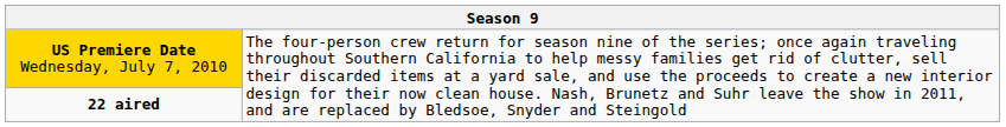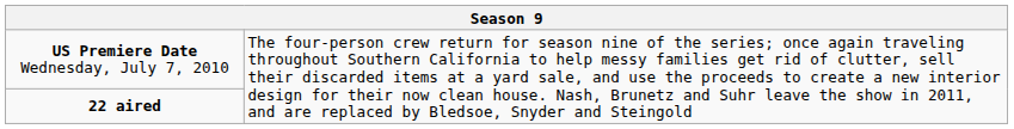 <table class="wikitable" style="width:98%;">
 <tr>
 <th colspan="2">Season 9</th>
 </tr>
 <tr>
-<td style="background: gold; width:200px; text-align:center;"><strong>US Premiere Date</strong><br>Wednesday, July 7, 2010</td>
+<td style="width:200px; text-align:center;"><strong>US Premiere Date</strong><br>Wednesday, July 7, 2010</td>
 <td rowspan="2">The four-person crew return for season nine of the series; once again traveling throughout Southern California to help messy families get rid of clutter, sell their discarded items at a yard sale, and use the proceeds to create a new interior design for their now clean house. Nash, Brunetz and Suhr leave the show in 2011, and are replaced by Bledsoe, Snyder and Steingold</td>
 </tr>
 <tr>
 <td style="text-align:center;"><strong>22 aired</strong></td>
 </tr>
 </table>
